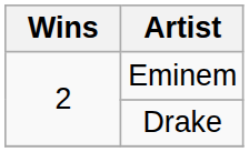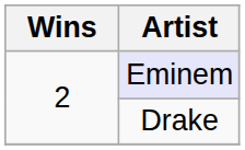 <table class="wikitable" style="text-align:center;">
 <tr>
 <th scope="col" width="55">Wins</th>
 <th scope="col" align="center">Artist</th>
 </tr>
 <tr>
 <td rowspan="2" style="text-align:center">2</td>
-<td>Eminem</td>
+<td style="background: lavender;">Eminem</td>
 </tr>
 <tr>
 <td>Drake</td>
 </tr>
 <tr>
 </tr>
 </table>
